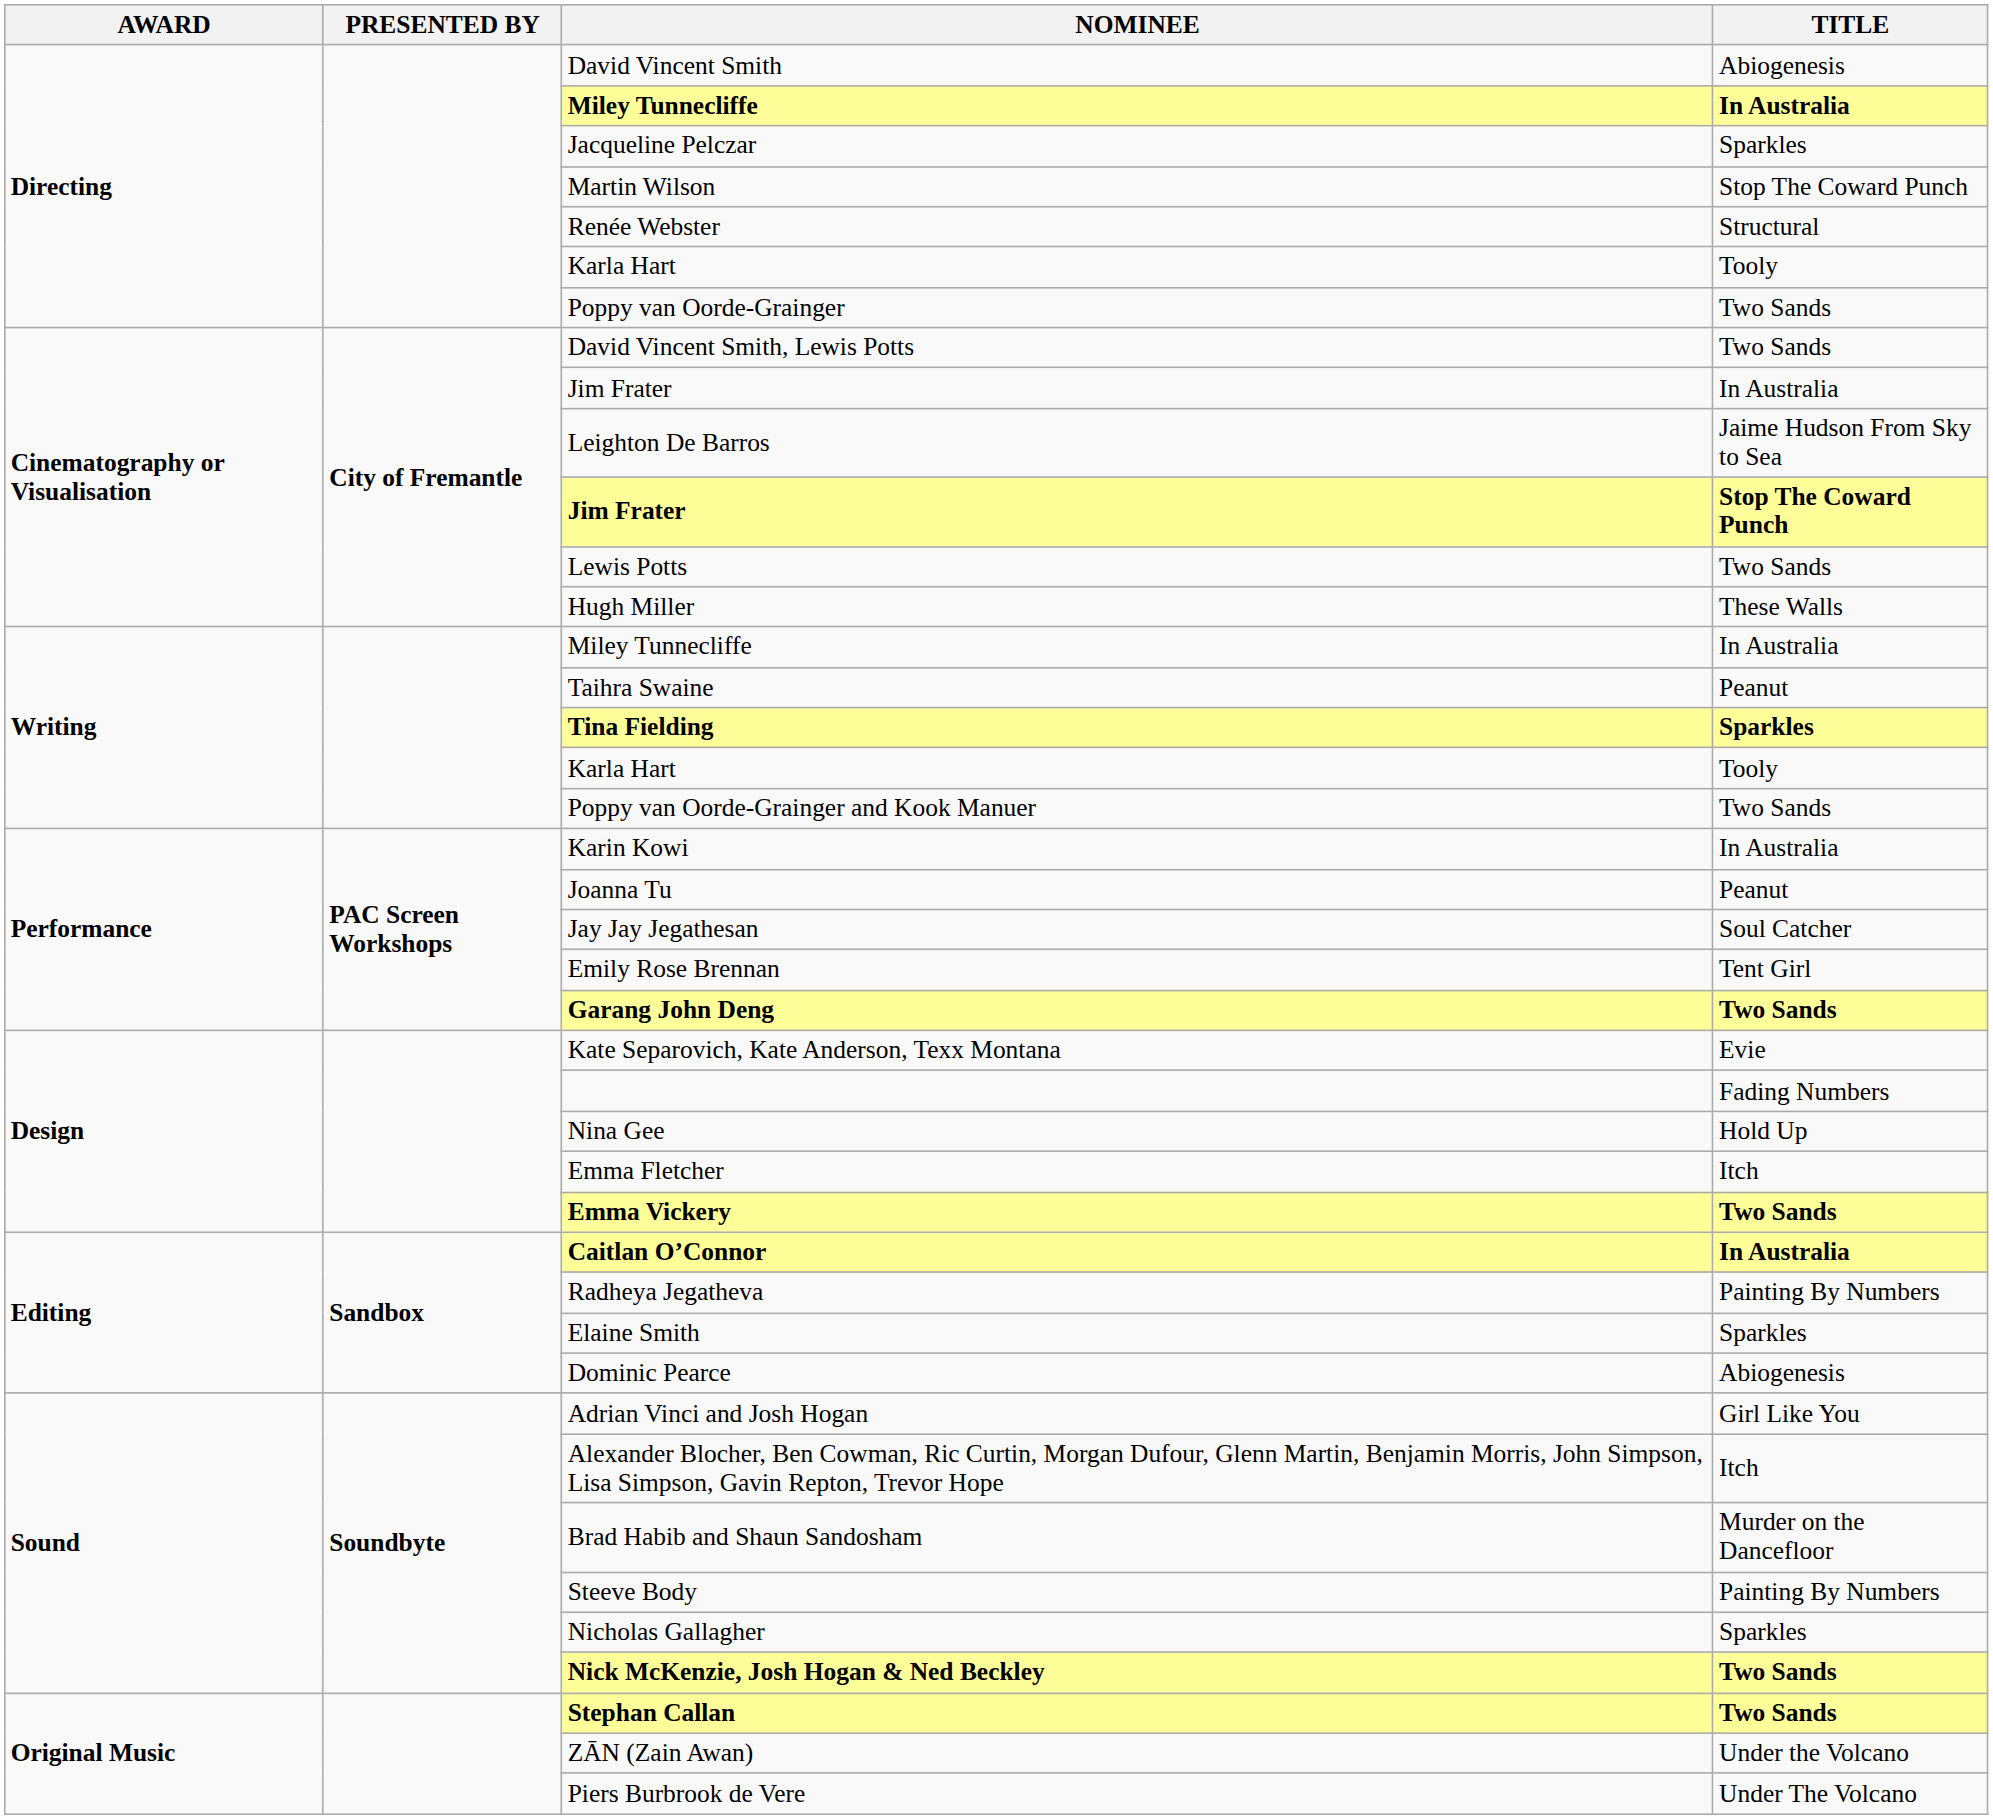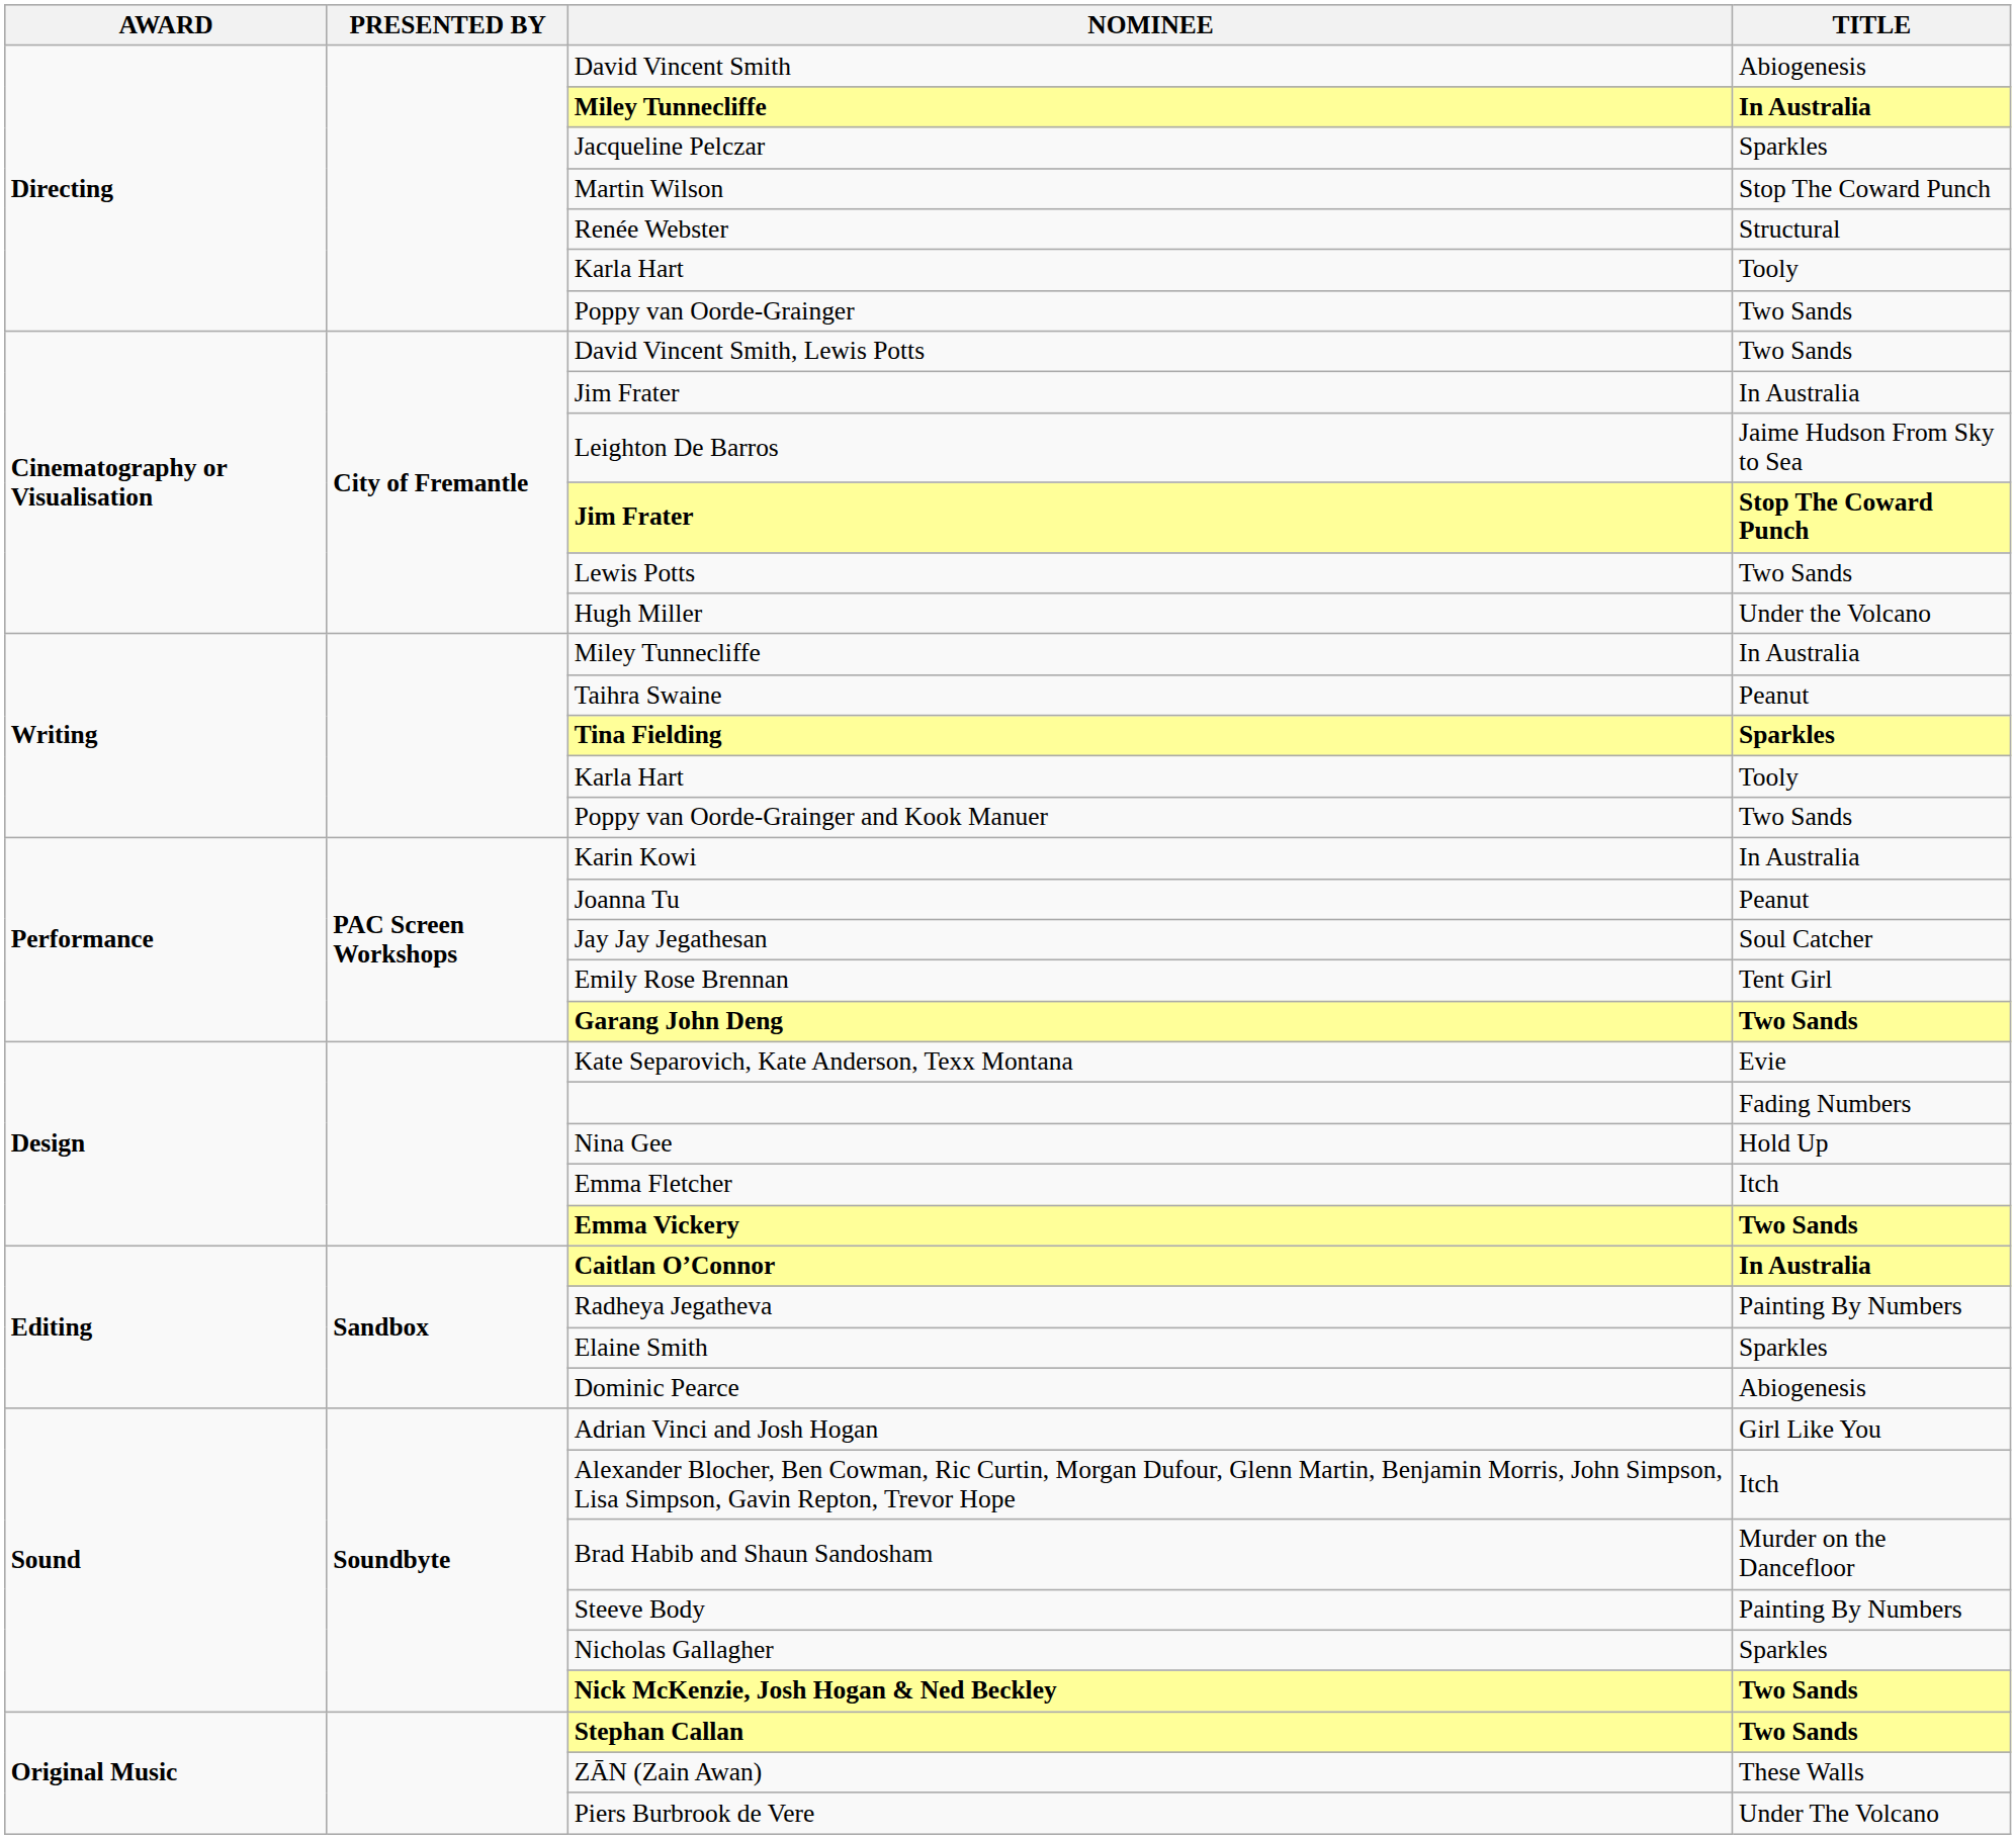 <table class="wikitable sortable mw-collapsible">
 <tr>
 <th>AWARD</th>
 <th>PRESENTED BY</th>
 <th>NOMINEE</th>
 <th>TITLE</th>
 </tr>
 <tr>
 <td rowspan="7"><strong>Directing</strong></td>
 <td rowspan="7"></td>
 <td>David Vincent Smith</td>
 <td>Abiogenesis</td>
 </tr>
 <tr>
 <td style="background:#ff9;"><strong>Miley Tunnecliffe</strong></td>
 <td style="background:#ff9;"><strong>In Australia</strong></td>
 </tr>
 <tr>
 <td>Jacqueline Pelczar</td>
 <td>Sparkles</td>
 </tr>
 <tr>
 <td>Martin Wilson</td>
 <td>Stop The Coward Punch</td>
 </tr>
 <tr>
 <td>Renée Webster</td>
 <td>Structural</td>
 </tr>
 <tr>
 <td>Karla Hart</td>
 <td>Tooly</td>
 </tr>
 <tr>
 <td>Poppy van Oorde-Grainger</td>
 <td>Two Sands</td>
 </tr>
 <tr>
 <td rowspan="6"><strong>Cinematography or Visualisation</strong></td>
 <td rowspan="6"><strong>City of Fremantle</strong></td>
 <td>David Vincent Smith, Lewis Potts</td>
 <td>Two Sands</td>
 </tr>
 <tr>
 <td>Jim Frater</td>
 <td>In Australia</td>
 </tr>
 <tr>
 <td>Leighton De Barros</td>
 <td>Jaime Hudson From Sky to Sea</td>
 </tr>
 <tr>
 <td style="background:#ff9;"><strong>Jim Frater</strong></td>
 <td style="background:#ff9;"><strong>Stop The Coward Punch</strong></td>
 </tr>
 <tr>
 <td>Lewis Potts</td>
 <td>Two Sands</td>
 </tr>
 <tr>
 <td>Hugh Miller</td>
-<td>These Walls</td>
+<td>Under the Volcano</td>
 </tr>
 <tr>
 <td rowspan="5"><strong>Writing</strong></td>
 <td rowspan="5"></td>
 <td>Miley Tunnecliffe</td>
 <td>In Australia</td>
 </tr>
 <tr>
 <td>Taihra Swaine</td>
 <td>Peanut</td>
 </tr>
 <tr>
 <td style="background:#ff9;"><strong>Tina Fielding</strong></td>
 <td style="background:#ff9;"><strong>Sparkles</strong></td>
 </tr>
 <tr>
 <td>Karla Hart</td>
 <td>Tooly</td>
 </tr>
 <tr>
 <td>Poppy van Oorde-Grainger and Kook Manuer</td>
 <td>Two Sands</td>
 </tr>
 <tr>
 <td rowspan="5"><strong>Performance</strong></td>
 <td rowspan="5"><strong>PAC Screen Workshops</strong></td>
 <td>Karin Kowi</td>
 <td>In Australia</td>
 </tr>
 <tr>
 <td>Joanna Tu</td>
 <td>Peanut</td>
 </tr>
 <tr>
 <td>Jay Jay Jegathesan</td>
 <td>Soul Catcher</td>
 </tr>
 <tr>
 <td>Emily Rose Brennan</td>
 <td>Tent Girl</td>
 </tr>
 <tr>
 <td style="background:#ff9;"><strong>Garang John Deng</strong></td>
 <td style="background:#ff9;"><strong>Two Sands</strong></td>
 </tr>
 <tr>
 <td rowspan="5"><strong>Design</strong></td>
 <td rowspan="5"></td>
 <td>Kate Separovich, Kate Anderson, Texx Montana</td>
 <td>Evie</td>
 </tr>
 <tr>
 <td></td>
 <td>Fading Numbers</td>
 </tr>
 <tr>
 <td>Nina Gee</td>
 <td>Hold Up</td>
 </tr>
 <tr>
 <td>Emma Fletcher</td>
 <td>Itch</td>
 </tr>
 <tr>
 <td style="background:#ff9;"><strong>Emma Vickery</strong></td>
 <td style="background:#ff9;"><strong>Two Sands</strong></td>
 </tr>
 <tr>
 <td rowspan="4"><strong>Editing</strong></td>
 <td rowspan="4"><strong>Sandbox</strong></td>
 <td style="background:#ff9;"><strong>Caitlan O’Connor</strong></td>
 <td style="background:#ff9;"><strong>In Australia</strong></td>
 </tr>
 <tr>
 <td>Radheya Jegatheva</td>
 <td>Painting By Numbers</td>
 </tr>
 <tr>
 <td>Elaine Smith</td>
 <td>Sparkles</td>
 </tr>
 <tr>
 <td>Dominic Pearce</td>
 <td>Abiogenesis</td>
 </tr>
 <tr>
 <td rowspan="6"><strong>Sound</strong></td>
 <td rowspan="6"><strong>Soundbyte</strong></td>
 <td>Adrian Vinci and Josh Hogan</td>
 <td>Girl Like You</td>
 </tr>
 <tr>
 <td>Alexander Blocher, Ben Cowman, Ric Curtin, Morgan Dufour, Glenn Martin, Benjamin Morris, John Simpson, Lisa Simpson, Gavin Repton, Trevor Hope</td>
 <td>Itch</td>
 </tr>
 <tr>
 <td>Brad Habib and Shaun Sandosham</td>
 <td>Murder on the Dancefloor</td>
 </tr>
 <tr>
 <td>Steeve Body</td>
 <td>Painting By Numbers</td>
 </tr>
 <tr>
 <td>Nicholas Gallagher</td>
 <td>Sparkles</td>
 </tr>
 <tr>
 <td style="background:#ff9;"><strong>Nick McKenzie, Josh Hogan & Ned Beckley</strong></td>
 <td style="background:#ff9;"><strong>Two Sands</strong></td>
 </tr>
 <tr>
 <td rowspan="3"><strong>Original Music</strong></td>
 <td rowspan="3"></td>
 <td style="background:#ff9;"><strong>Stephan Callan</strong></td>
 <td style="background:#ff9;"><strong>Two Sands</strong></td>
 </tr>
 <tr>
 <td>ZĀN (Zain Awan)</td>
-<td>Under the Volcano</td>
+<td>These Walls</td>
 </tr>
 <tr>
 <td>Piers Burbrook de Vere</td>
 <td>Under The Volcano</td>
 </tr>
 </table>
